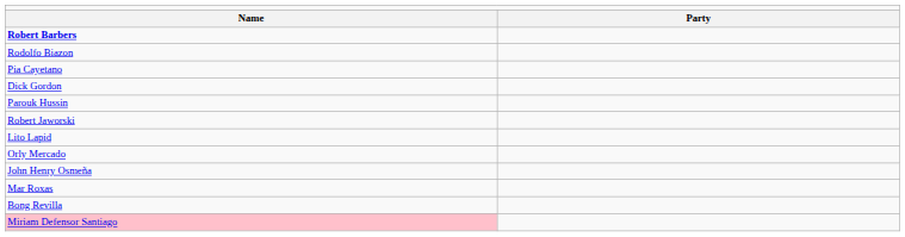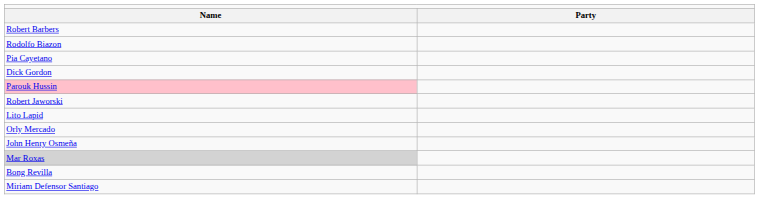 <table class=wikitable style="font-size:90%" width=99%>
 <tr>
 <td colspan=4 bgcolor=></td>
 </tr>
 <tr>
 <th width=55%>Name</th>
 <th colspan=2 width=110px>Party</th>
 </tr>
 <tr>
-<td><strong><a href='#'>Robert Barbers</a></strong></td>
+<td><a href='#'>Robert Barbers</a></td>
 <td></td>
 </tr>
 <tr>
 <td><a href='#'>Rodolfo Biazon</a></td>
 <td></td>
 </tr>
 <tr>
 <td><a href='#'>Pia Cayetano</a></td>
 <td></td>
 </tr>
 <tr>
 <td><a href='#'>Dick Gordon</a></td>
 <td></td>
 </tr>
 <tr>
-<td><a href='#'>Parouk Hussin</a></td>
+<td style="background: pink;"><a href='#'>Parouk Hussin</a></td>
 <td></td>
 </tr>
 <tr>
 <td><a href='#'>Robert Jaworski</a></td>
 <td></td>
 </tr>
 <tr>
 <td><a href='#'>Lito Lapid</a></td>
 <td></td>
 </tr>
 <tr>
 <td><a href='#'>Orly Mercado</a></td>
 <td></td>
 </tr>
 <tr>
 <td><a href='#'>John Henry Osmeña</a></td>
 <td></td>
 </tr>
 <tr>
-<td><a href='#'>Mar Roxas</a></td>
+<td style="background: lightgrey;"><a href='#'>Mar Roxas</a></td>
 <td></td>
 </tr>
 <tr>
 <td><a href='#'>Bong Revilla</a></td>
 <td></td>
 </tr>
 <tr>
-<td style="background: pink;"><a href='#'>Miriam Defensor Santiago</a></td>
+<td><a href='#'>Miriam Defensor Santiago</a></td>
 <td></td>
 </tr>
 </table>
